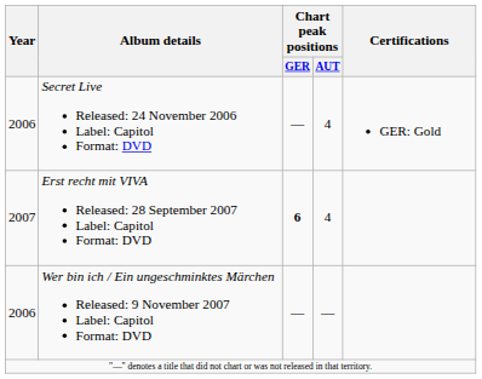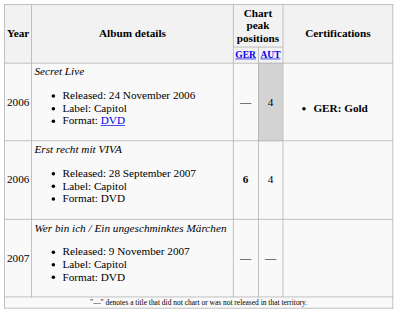 <table class="wikitable" border="1">
 <tr>
 <th rowspan="2">Year</th>
 <th rowspan="2" width="280">Album details</th>
 <th colspan="2">Chart peak positions</th>
 <th width="150" rowspan="2">Certifications</th>
 </tr>
 <tr>
 <th style="width:2em; font-size:85%"><a href='#'>GER</a><br></th>
 <th style="width:2em; font-size:85%"><a href='#'>AUT</a><br></th>
 </tr>
 <tr>
 <td>2006</td>
 <td><em>Secret Live</em><br><ul><li>Released: 24 November 2006</li><li>Label: Capitol</li><li>Format: <a href='#'>DVD</a></li></ul></td>
 <td align="center">—</td>
-<td align="center">4</td>
-<td><br><ul><li>GER: Gold</li></ul></td>
+<td align="center" style="background: lightgrey;">4</td>
+<td><strong><br><ul><li>GER: Gold</li></ul></strong></td>
 </tr>
 <tr>
-<td>2007</td>
+<td>2006</td>
 <td><em>Erst recht mit VIVA</em><br><ul><li>Released: 28 September 2007</li><li>Label: Capitol</li><li>Format: DVD</li></ul></td>
 <td align="center"><strong>6</strong></td>
 <td align="center">4</td>
 <td></td>
 </tr>
 <tr>
-<td>2006</td>
+<td>2007</td>
 <td><em>Wer bin ich / Ein ungeschminktes Märchen</em><br><ul><li>Released: 9 November 2007</li><li>Label: Capitol</li><li>Format: DVD</li></ul></td>
 <td align="center">—</td>
 <td align="center">—</td>
 <td></td>
 </tr>
 <tr>
 <td align="center" colspan="16" style="font-size: 8pt">"—" denotes a title that did not chart or was not released in that territory.</td>
 </tr>
 </table>
